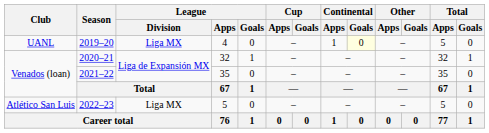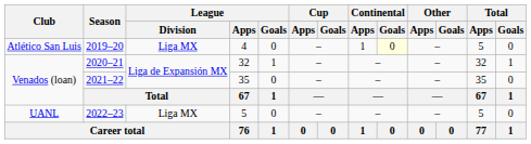 <table class="wikitable" style="text-align: center">
 <tr>
 <th rowspan="2">Club</th>
 <th rowspan="2">Season</th>
 <th colspan="3">League</th>
 <th colspan="2">Cup</th>
 <th colspan="2">Continental</th>
 <th colspan="2">Other</th>
 <th colspan="2">Total</th>
 </tr>
 <tr>
 <th>Division</th>
 <th>Apps</th>
 <th>Goals</th>
 <th>Apps</th>
 <th>Goals</th>
 <th>Apps</th>
 <th>Goals</th>
 <th>Apps</th>
 <th>Goals</th>
 <th>Apps</th>
 <th>Goals</th>
 </tr>
 <tr>
-<td><a href='#'>UANL</a></td>
+<td rowspan="1"><a href='#'>Atlético San Luis</a></td>
 <td><a href='#'>2019–20</a></td>
 <td><a href='#'>Liga MX</a></td>
 <td>4</td>
 <td>0</td>
 <td colspan="2">–</td>
 <td>1</td>
 <td style="background: lightyellow;">0</td>
 <td colspan="2">–</td>
 <td>5</td>
 <td>0</td>
 </tr>
 <tr>
 <td rowspan="3"><a href='#'>Venados</a> (loan)</td>
 <td><a href='#'>2020–21</a></td>
 <td rowspan="2"><a href='#'>Liga de Expansión MX</a></td>
 <td>32</td>
 <td>1</td>
 <td colspan="2">–</td>
 <td colspan="2">–</td>
 <td colspan="2">–</td>
 <td>32</td>
 <td>1</td>
 </tr>
 <tr>
 <td><a href='#'>2021–22</a></td>
 <td>35</td>
 <td>0</td>
 <td colspan="2">–</td>
 <td colspan="2">–</td>
 <td colspan="2">–</td>
 <td>35</td>
 <td>0</td>
 </tr>
 <tr>
 <th colspan="2">Total</th>
 <th>67</th>
 <th>1</th>
 <th colspan="2">—</th>
 <th colspan="2">—</th>
 <th colspan="2">—</th>
 <th>67</th>
 <th>1</th>
 </tr>
 <tr>
-<td rowspan="1"><a href='#'>Atlético San Luis</a></td>
+<td><a href='#'>UANL</a></td>
 <td><a href='#'>2022–23</a></td>
 <td rowspan="1">Liga MX</td>
 <td>5</td>
 <td>0</td>
 <td colspan="2">–</td>
 <td colspan="2">–</td>
 <td colspan="2">–</td>
 <td>5</td>
 <td>0</td>
 </tr>
 <tr>
 <th colspan="3"><strong>Career total</strong></th>
 <th>76</th>
 <th>1</th>
 <th>0</th>
 <th>0</th>
 <th>1</th>
 <th>0</th>
 <th>0</th>
 <th>0</th>
 <th>77</th>
 <th>1</th>
 </tr>
 </table>
